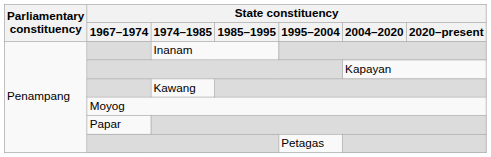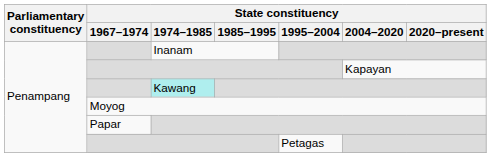 <table class=wikitable>
 <tr>
 <th rowspan=2>Parliamentary<br>constituency</th>
 <th colspan=6>State constituency</th>
 </tr>
 <tr>
 <th>1967–1974</th>
 <th>1974–1985</th>
 <th>1985–1995</th>
 <th>1995–2004</th>
 <th>2004–2020</th>
 <th>2020–present</th>
 </tr>
 <tr>
 <td rowspan=6>Penampang</td>
 <td bgcolor=dcdcdc></td>
 <td colspan=2>Inanam</td>
 <td colspan=3 bgcolor=dcdcdc></td>
 </tr>
 <tr>
 <td colspan=4 bgcolor=dcdcdc></td>
 <td colspan=2>Kapayan</td>
 </tr>
 <tr>
 <td bgcolor=dcdcdc></td>
-<td>Kawang</td>
+<td style="background: paleturquoise;">Kawang</td>
 <td colspan=4 bgcolor=dcdcdc></td>
 </tr>
 <tr>
 <td colspan=6>Moyog</td>
 </tr>
 <tr>
 <td>Papar</td>
 <td colspan=5 bgcolor=dcdcdc></td>
 </tr>
 <tr>
 <td colspan=3 bgcolor=dcdcdc></td>
 <td>Petagas</td>
 <td colspan=2 bgcolor=dcdcdc></td>
 </tr>
 </table>
